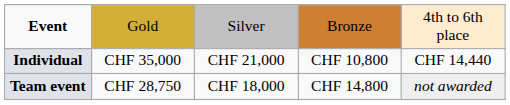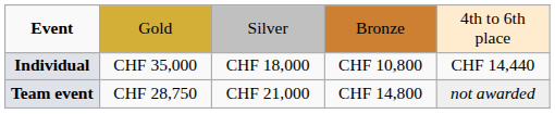 <table class="wikitable" style="font-size:86%;text-align:center">
 <tr>
 <td style="width:70px;"><strong>Event</strong></td>
 <td style="width:85px; background:#D4AF37;">Gold</td>
 <td style="width:85px; background:#C0C0C0;">Silver</td>
 <td style="width:85px; background:#CD7F32;">Bronze</td>
 <td style="width:85px; background:#ffebcd;">4th to 6th place</td>
 </tr>
 <tr>
 <td style="background:#dfe2e9;"><strong>Individual</strong></td>
 <td>CHF 35,000</td>
-<td>CHF 21,000</td>
+<td>CHF 18,000</td>
 <td>CHF 10,800</td>
 <td>CHF 14,440</td>
 </tr>
 <tr>
 <td style="background:#dfe2e9;"><strong>Team event</strong></td>
 <td>CHF 28,750</td>
-<td>CHF 18,000</td>
+<td>CHF 21,000</td>
 <td>CHF 14,800</td>
 <td style=background:#efefef;><em>not awarded</em></td>
 </tr>
 </table>
